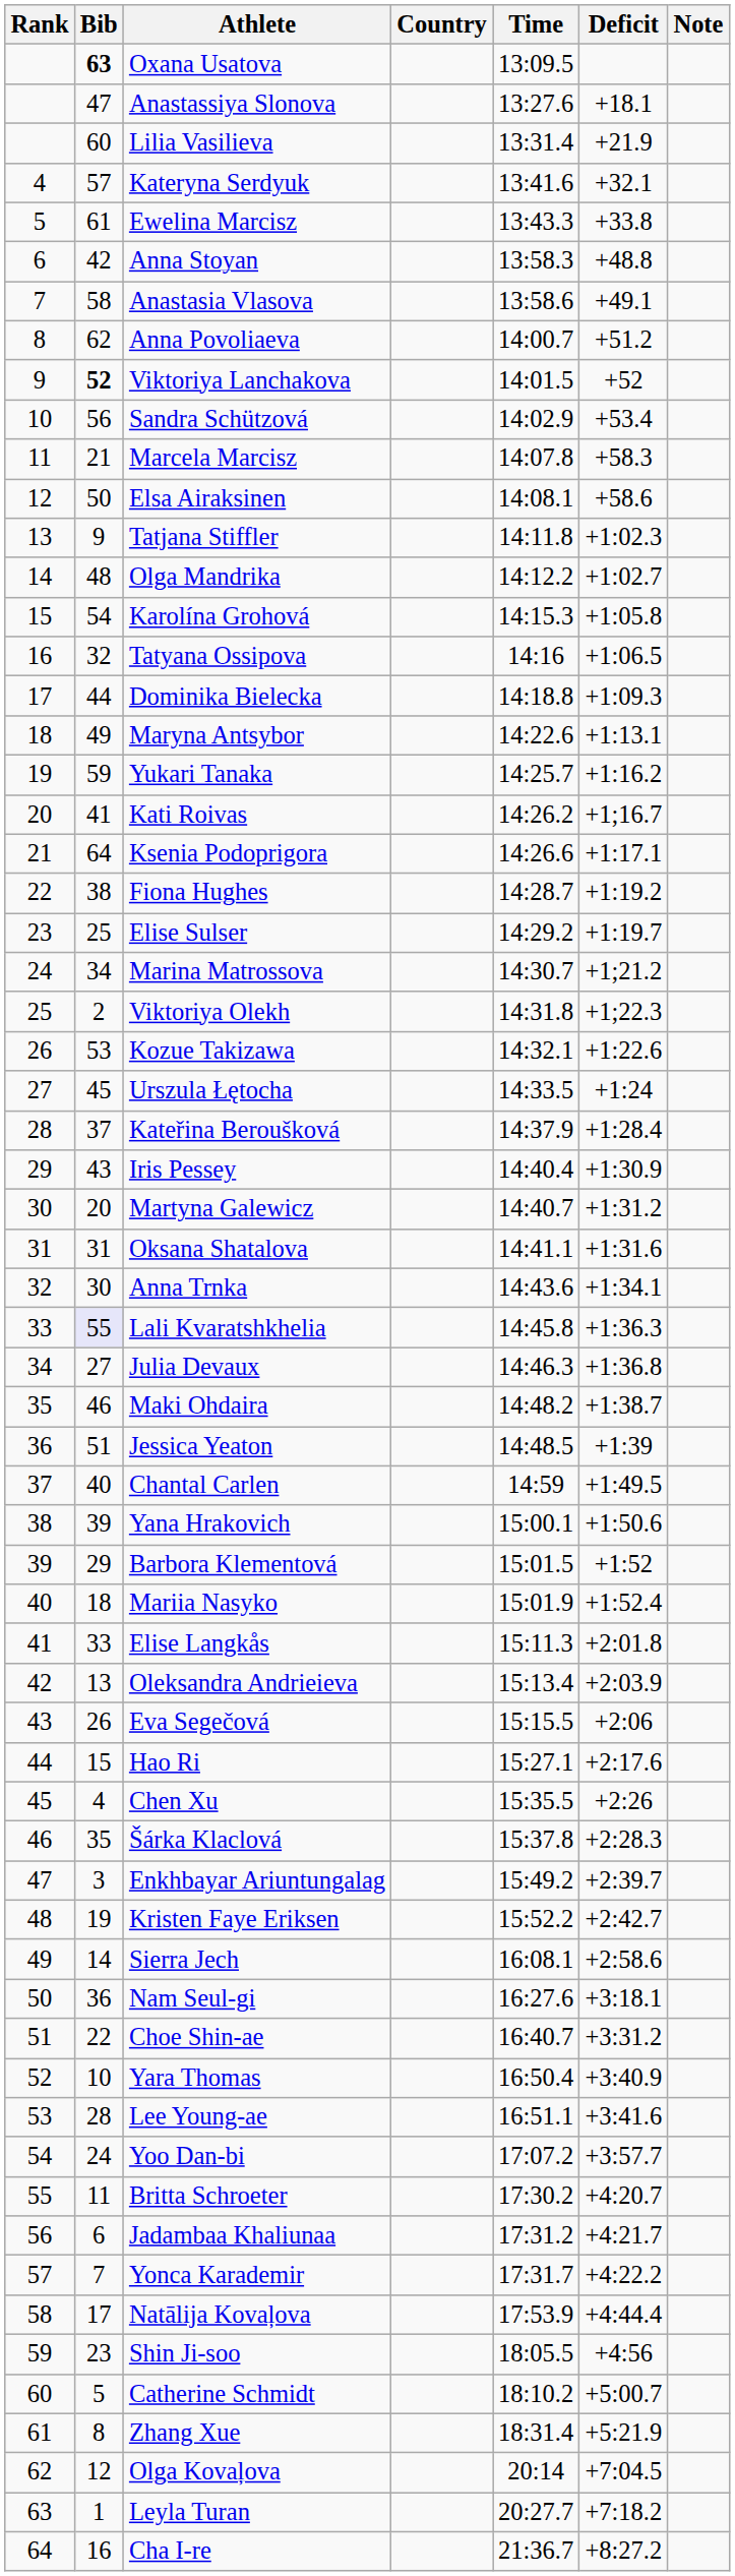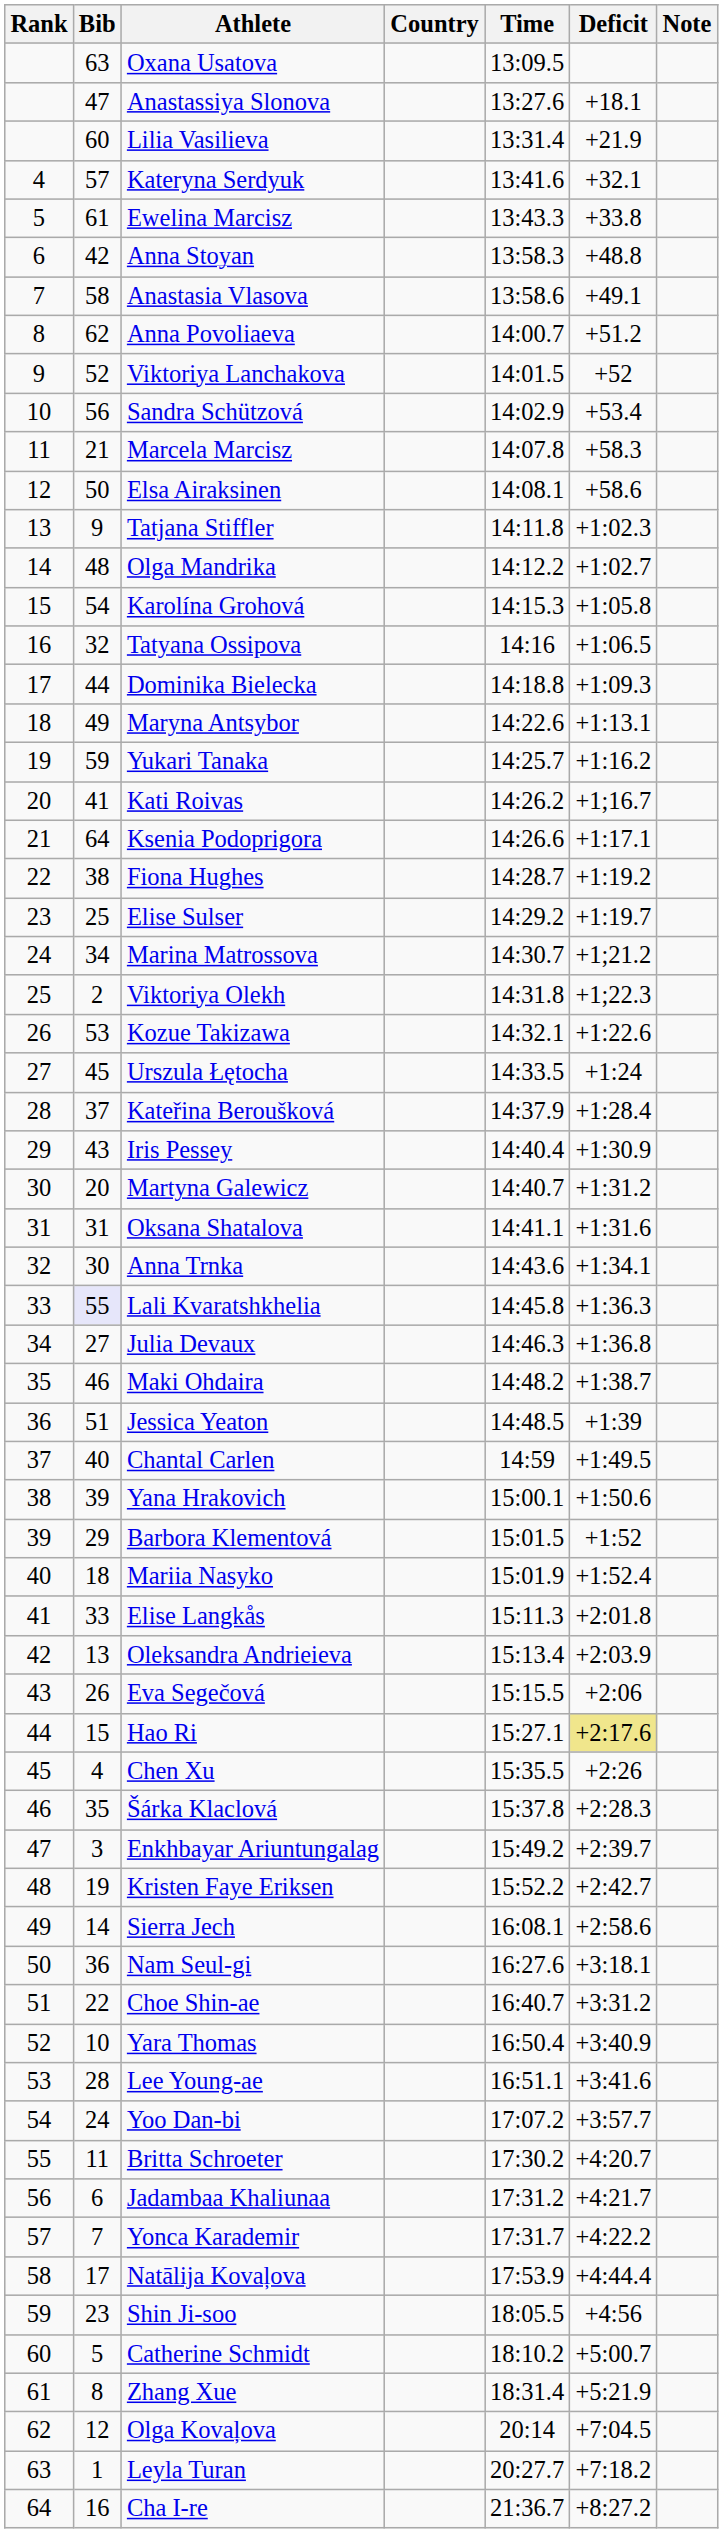 <table class="wikitable sortable" style="text-align:center">
 <tr>
 <th>Rank</th>
 <th>Bib</th>
 <th>Athlete</th>
 <th>Country</th>
 <th>Time</th>
 <th>Deficit</th>
 <th>Note</th>
 </tr>
 <tr>
 <td></td>
-<td><strong>63</strong></td>
+<td>63</td>
 <td align=left><a href='#'>Oxana Usatova</a></td>
 <td align=left></td>
 <td>13:09.5</td>
 <td></td>
 <td></td>
 </tr>
 <tr>
 <td></td>
 <td>47</td>
 <td align=left><a href='#'>Anastassiya Slonova</a></td>
 <td align=left></td>
 <td>13:27.6</td>
 <td>+18.1</td>
 <td></td>
 </tr>
 <tr>
 <td></td>
 <td>60</td>
 <td align=left><a href='#'>Lilia Vasilieva</a></td>
 <td align=left></td>
 <td>13:31.4</td>
 <td>+21.9</td>
 <td></td>
 </tr>
 <tr>
 <td>4</td>
 <td>57</td>
 <td align=left><a href='#'>Kateryna Serdyuk</a></td>
 <td align=left></td>
 <td>13:41.6</td>
 <td>+32.1</td>
 <td></td>
 </tr>
 <tr>
 <td>5</td>
 <td>61</td>
 <td align=left><a href='#'>Ewelina Marcisz</a></td>
 <td align=left></td>
 <td>13:43.3</td>
 <td>+33.8</td>
 <td></td>
 </tr>
 <tr>
 <td>6</td>
 <td>42</td>
 <td align=left><a href='#'>Anna Stoyan</a></td>
 <td align=left></td>
 <td>13:58.3</td>
 <td>+48.8</td>
 <td></td>
 </tr>
 <tr>
 <td>7</td>
 <td>58</td>
 <td align=left><a href='#'>Anastasia Vlasova</a></td>
 <td align=left></td>
 <td>13:58.6</td>
 <td>+49.1</td>
 <td></td>
 </tr>
 <tr>
 <td>8</td>
 <td>62</td>
 <td align=left><a href='#'>Anna Povoliaeva</a></td>
 <td align=left></td>
 <td>14:00.7</td>
 <td>+51.2</td>
 <td></td>
 </tr>
 <tr>
 <td>9</td>
-<td><strong>52</strong></td>
+<td>52</td>
 <td align=left><a href='#'>Viktoriya Lanchakova</a></td>
 <td align=left></td>
 <td>14:01.5</td>
 <td>+52</td>
 <td></td>
 </tr>
 <tr>
 <td>10</td>
 <td>56</td>
 <td align=left><a href='#'>Sandra Schützová</a></td>
 <td align=left></td>
 <td>14:02.9</td>
 <td>+53.4</td>
 <td></td>
 </tr>
 <tr>
 <td>11</td>
 <td>21</td>
 <td align=left><a href='#'>Marcela Marcisz</a></td>
 <td align=left></td>
 <td>14:07.8</td>
 <td>+58.3</td>
 <td></td>
 </tr>
 <tr>
 <td>12</td>
 <td>50</td>
 <td align=left><a href='#'>Elsa Airaksinen</a></td>
 <td align=left></td>
 <td>14:08.1</td>
 <td>+58.6</td>
 <td></td>
 </tr>
 <tr>
 <td>13</td>
 <td>9</td>
 <td align=left><a href='#'>Tatjana Stiffler</a></td>
 <td align=left></td>
 <td>14:11.8</td>
 <td>+1:02.3</td>
 <td></td>
 </tr>
 <tr>
 <td>14</td>
 <td>48</td>
 <td align=left><a href='#'>Olga Mandrika</a></td>
 <td align=left></td>
 <td>14:12.2</td>
 <td>+1:02.7</td>
 <td></td>
 </tr>
 <tr>
 <td>15</td>
 <td>54</td>
 <td align=left><a href='#'>Karolína Grohová</a></td>
 <td align=left></td>
 <td>14:15.3</td>
 <td>+1:05.8</td>
 <td></td>
 </tr>
 <tr>
 <td>16</td>
 <td>32</td>
 <td align=left><a href='#'>Tatyana Ossipova</a></td>
 <td align=left></td>
 <td>14:16</td>
 <td>+1:06.5</td>
 <td></td>
 </tr>
 <tr>
 <td>17</td>
 <td>44</td>
 <td align=left><a href='#'>Dominika Bielecka</a></td>
 <td align=left></td>
 <td>14:18.8</td>
 <td>+1:09.3</td>
 <td></td>
 </tr>
 <tr>
 <td>18</td>
 <td>49</td>
 <td align=left><a href='#'>Maryna Antsybor</a></td>
 <td align=left></td>
 <td>14:22.6</td>
 <td>+1:13.1</td>
 <td></td>
 </tr>
 <tr>
 <td>19</td>
 <td>59</td>
 <td align=left><a href='#'>Yukari Tanaka</a></td>
 <td align=left></td>
 <td>14:25.7</td>
 <td>+1:16.2</td>
 <td></td>
 </tr>
 <tr>
 <td>20</td>
 <td>41</td>
 <td align=left><a href='#'>Kati Roivas</a></td>
 <td align=left></td>
 <td>14:26.2</td>
 <td>+1;16.7</td>
 <td></td>
 </tr>
 <tr>
 <td>21</td>
 <td>64</td>
 <td align=left><a href='#'>Ksenia Podoprigora</a></td>
 <td align=left></td>
 <td>14:26.6</td>
 <td>+1:17.1</td>
 <td></td>
 </tr>
 <tr>
 <td>22</td>
 <td>38</td>
 <td align=left><a href='#'>Fiona Hughes</a></td>
 <td align=left></td>
 <td>14:28.7</td>
 <td>+1:19.2</td>
 <td></td>
 </tr>
 <tr>
 <td>23</td>
 <td>25</td>
 <td align=left><a href='#'>Elise Sulser</a></td>
 <td align=left></td>
 <td>14:29.2</td>
 <td>+1:19.7</td>
 <td></td>
 </tr>
 <tr>
 <td>24</td>
 <td>34</td>
 <td align=left><a href='#'>Marina Matrossova</a></td>
 <td align=left></td>
 <td>14:30.7</td>
 <td>+1;21.2</td>
 <td></td>
 </tr>
 <tr>
 <td>25</td>
 <td>2</td>
 <td align=left><a href='#'>Viktoriya Olekh</a></td>
 <td align=left></td>
 <td>14:31.8</td>
 <td>+1;22.3</td>
 <td></td>
 </tr>
 <tr>
 <td>26</td>
 <td>53</td>
 <td align=left><a href='#'>Kozue Takizawa</a></td>
 <td align=left></td>
 <td>14:32.1</td>
 <td>+1:22.6</td>
 <td></td>
 </tr>
 <tr>
 <td>27</td>
 <td>45</td>
 <td align=left><a href='#'>Urszula Łętocha</a></td>
 <td align=left></td>
 <td>14:33.5</td>
 <td>+1:24</td>
 <td></td>
 </tr>
 <tr>
 <td>28</td>
 <td>37</td>
 <td align=left><a href='#'>Kateřina Beroušková</a></td>
 <td align=left></td>
 <td>14:37.9</td>
 <td>+1:28.4</td>
 <td></td>
 </tr>
 <tr>
 <td>29</td>
 <td>43</td>
 <td align=left><a href='#'>Iris Pessey</a></td>
 <td align=left></td>
 <td>14:40.4</td>
 <td>+1:30.9</td>
 <td></td>
 </tr>
 <tr>
 <td>30</td>
 <td>20</td>
 <td align=left><a href='#'>Martyna Galewicz</a></td>
 <td align=left></td>
 <td>14:40.7</td>
 <td>+1:31.2</td>
 <td></td>
 </tr>
 <tr>
 <td>31</td>
 <td>31</td>
 <td align=left><a href='#'>Oksana Shatalova</a></td>
 <td align=left></td>
 <td>14:41.1</td>
 <td>+1:31.6</td>
 <td></td>
 </tr>
 <tr>
 <td>32</td>
 <td>30</td>
 <td align=left><a href='#'>Anna Trnka</a></td>
 <td align=left></td>
 <td>14:43.6</td>
 <td>+1:34.1</td>
 <td></td>
 </tr>
 <tr>
 <td>33</td>
 <td style="background: lavender;">55</td>
 <td align=left><a href='#'>Lali Kvaratshkhelia</a></td>
 <td align=left></td>
 <td>14:45.8</td>
 <td>+1:36.3</td>
 <td></td>
 </tr>
 <tr>
 <td>34</td>
 <td>27</td>
 <td align=left><a href='#'>Julia Devaux</a></td>
 <td align=left></td>
 <td>14:46.3</td>
 <td>+1:36.8</td>
 <td></td>
 </tr>
 <tr>
 <td>35</td>
 <td>46</td>
 <td align=left><a href='#'>Maki Ohdaira</a></td>
 <td align=left></td>
 <td>14:48.2</td>
 <td>+1:38.7</td>
 <td></td>
 </tr>
 <tr>
 <td>36</td>
 <td>51</td>
 <td align=left><a href='#'>Jessica Yeaton</a></td>
 <td align=left></td>
 <td>14:48.5</td>
 <td>+1:39</td>
 <td></td>
 </tr>
 <tr>
 <td>37</td>
 <td>40</td>
 <td align=left><a href='#'>Chantal Carlen</a></td>
 <td align=left></td>
 <td>14:59</td>
 <td>+1:49.5</td>
 <td></td>
 </tr>
 <tr>
 <td>38</td>
 <td>39</td>
 <td align=left><a href='#'>Yana Hrakovich</a></td>
 <td align=left></td>
 <td>15:00.1</td>
 <td>+1:50.6</td>
 <td></td>
 </tr>
 <tr>
 <td>39</td>
 <td>29</td>
 <td align=left><a href='#'>Barbora Klementová</a></td>
 <td align=left></td>
 <td>15:01.5</td>
 <td>+1:52</td>
 <td></td>
 </tr>
 <tr>
 <td>40</td>
 <td>18</td>
 <td align=left><a href='#'>Mariia Nasyko</a></td>
 <td align=left></td>
 <td>15:01.9</td>
 <td>+1:52.4</td>
 <td></td>
 </tr>
 <tr>
 <td>41</td>
 <td>33</td>
 <td align=left><a href='#'>Elise Langkås</a></td>
 <td align=left></td>
 <td>15:11.3</td>
 <td>+2:01.8</td>
 <td></td>
 </tr>
 <tr>
 <td>42</td>
 <td>13</td>
 <td align=left><a href='#'>Oleksandra Andrieieva</a></td>
 <td align=left></td>
 <td>15:13.4</td>
 <td>+2:03.9</td>
 <td></td>
 </tr>
 <tr>
 <td>43</td>
 <td>26</td>
 <td align=left><a href='#'>Eva Segečová</a></td>
 <td align=left></td>
 <td>15:15.5</td>
 <td>+2:06</td>
 <td></td>
 </tr>
 <tr>
 <td>44</td>
 <td>15</td>
 <td align=left><a href='#'>Hao Ri</a></td>
 <td align=left></td>
 <td>15:27.1</td>
-<td>+2:17.6</td>
+<td style="background: khaki;">+2:17.6</td>
 <td></td>
 </tr>
 <tr>
 <td>45</td>
 <td>4</td>
 <td align=left><a href='#'>Chen Xu</a></td>
 <td align=left></td>
 <td>15:35.5</td>
 <td>+2:26</td>
 <td></td>
 </tr>
 <tr>
 <td>46</td>
 <td>35</td>
 <td align=left><a href='#'>Šárka Klaclová</a></td>
 <td align=left></td>
 <td>15:37.8</td>
 <td>+2:28.3</td>
 <td></td>
 </tr>
 <tr>
 <td>47</td>
 <td>3</td>
 <td align=left><a href='#'>Enkhbayar Ariuntungalag</a></td>
 <td align=left></td>
 <td>15:49.2</td>
 <td>+2:39.7</td>
 <td></td>
 </tr>
 <tr>
 <td>48</td>
 <td>19</td>
 <td align=left><a href='#'>Kristen Faye Eriksen</a></td>
 <td align=left></td>
 <td>15:52.2</td>
 <td>+2:42.7</td>
 <td></td>
 </tr>
 <tr>
 <td>49</td>
 <td>14</td>
 <td align=left><a href='#'>Sierra Jech</a></td>
 <td align=left></td>
 <td>16:08.1</td>
 <td>+2:58.6</td>
 <td></td>
 </tr>
 <tr>
 <td>50</td>
 <td>36</td>
 <td align=left><a href='#'>Nam Seul-gi</a></td>
 <td align=left></td>
 <td>16:27.6</td>
 <td>+3:18.1</td>
 <td></td>
 </tr>
 <tr>
 <td>51</td>
 <td>22</td>
 <td align=left><a href='#'>Choe Shin-ae</a></td>
 <td align=left></td>
 <td>16:40.7</td>
 <td>+3:31.2</td>
 <td></td>
 </tr>
 <tr>
 <td>52</td>
 <td>10</td>
 <td align=left><a href='#'>Yara Thomas</a></td>
 <td align=left></td>
 <td>16:50.4</td>
 <td>+3:40.9</td>
 <td></td>
 </tr>
 <tr>
 <td>53</td>
 <td>28</td>
 <td align=left><a href='#'>Lee Young-ae</a></td>
 <td align=left></td>
 <td>16:51.1</td>
 <td>+3:41.6</td>
 <td></td>
 </tr>
 <tr>
 <td>54</td>
 <td>24</td>
 <td align=left><a href='#'>Yoo Dan-bi</a></td>
 <td align=left></td>
 <td>17:07.2</td>
 <td>+3:57.7</td>
 <td></td>
 </tr>
 <tr>
 <td>55</td>
 <td>11</td>
 <td align=left><a href='#'>Britta Schroeter</a></td>
 <td align=left></td>
 <td>17:30.2</td>
 <td>+4:20.7</td>
 <td></td>
 </tr>
 <tr>
 <td>56</td>
 <td>6</td>
 <td align=left><a href='#'>Jadambaa Khaliunaa</a></td>
 <td align=left></td>
 <td>17:31.2</td>
 <td>+4:21.7</td>
 <td></td>
 </tr>
 <tr>
 <td>57</td>
 <td>7</td>
 <td align=left><a href='#'>Yonca Karademir</a></td>
 <td align=left></td>
 <td>17:31.7</td>
 <td>+4:22.2</td>
 <td></td>
 </tr>
 <tr>
 <td>58</td>
 <td>17</td>
 <td align=left><a href='#'>Natālija Kovaļova</a></td>
 <td align=left></td>
 <td>17:53.9</td>
 <td>+4:44.4</td>
 <td></td>
 </tr>
 <tr>
 <td>59</td>
 <td>23</td>
 <td align=left><a href='#'>Shin Ji-soo</a></td>
 <td align=left></td>
 <td>18:05.5</td>
 <td>+4:56</td>
 <td></td>
 </tr>
 <tr>
 <td>60</td>
 <td>5</td>
 <td align=left><a href='#'>Catherine Schmidt</a></td>
 <td align=left></td>
 <td>18:10.2</td>
 <td>+5:00.7</td>
 <td></td>
 </tr>
 <tr>
 <td>61</td>
 <td>8</td>
 <td align=left><a href='#'>Zhang Xue</a></td>
 <td align=left></td>
 <td>18:31.4</td>
 <td>+5:21.9</td>
 <td></td>
 </tr>
 <tr>
 <td>62</td>
 <td>12</td>
 <td align=left><a href='#'>Olga Kovaļova</a></td>
 <td align=left></td>
 <td>20:14</td>
 <td>+7:04.5</td>
 <td></td>
 </tr>
 <tr>
 <td>63</td>
 <td>1</td>
 <td align=left><a href='#'>Leyla Turan</a></td>
 <td align=left></td>
 <td>20:27.7</td>
 <td>+7:18.2</td>
 <td></td>
 </tr>
 <tr>
 <td>64</td>
 <td>16</td>
 <td align=left><a href='#'>Cha I-re</a></td>
 <td align=left></td>
 <td>21:36.7</td>
 <td>+8:27.2</td>
 <td></td>
 </tr>
 </table>
